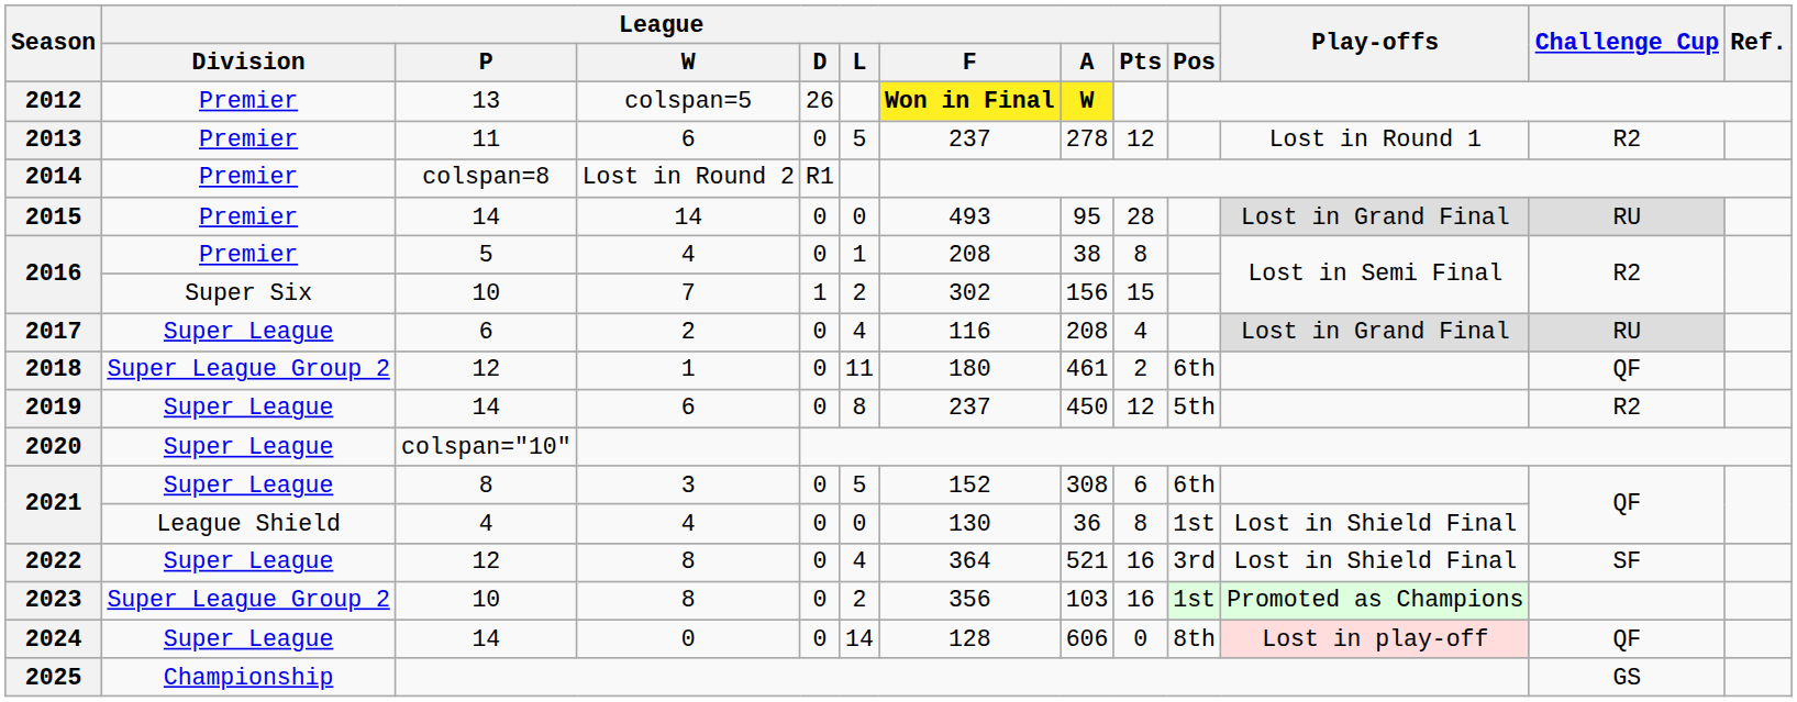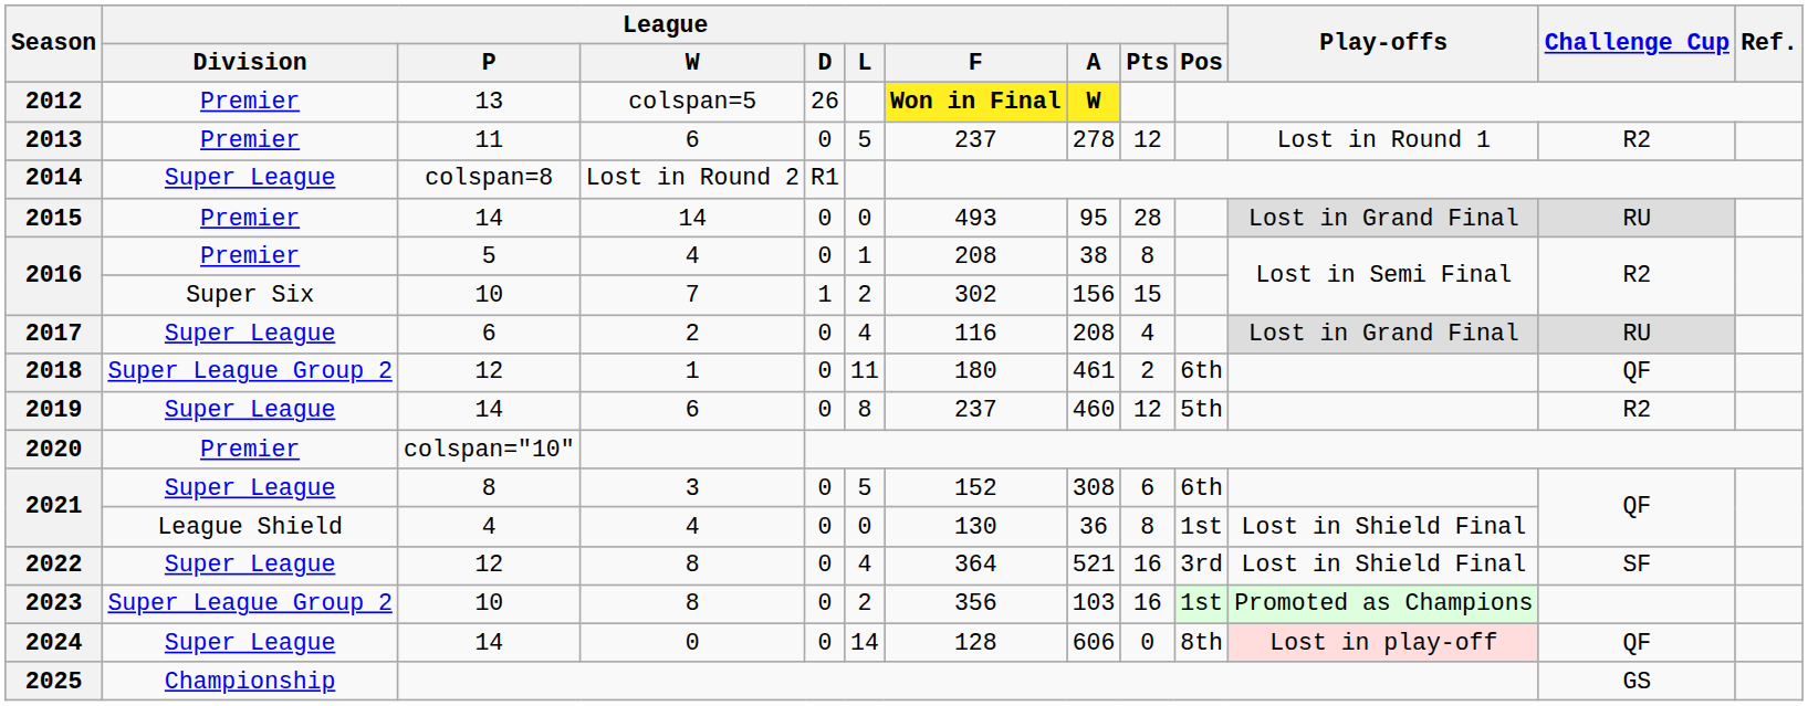 <table class="wikitable" style="text-align: center">
 <tr>
 <th rowspan="2" scope="col">Season</th>
 <th colspan="9" scope="col">League</th>
 <th rowspan="2" scope="col">Play-offs</th>
 <th rowspan="2" scope="col"><a href='#'>Challenge Cup</a></th>
 <th rowspan="2" scope="col">Ref.</th>
 </tr>
 <tr>
 <th scope="col">Division</th>
 <th scope="col">P</th>
 <th scope="col">W</th>
 <th scope="col">D</th>
 <th scope="col">L</th>
 <th scope="col">F</th>
 <th scope="col">A</th>
 <th scope="col">Pts</th>
 <th scope="col">Pos</th>
 </tr>
 <tr>
 <th scope="row">2012</th>
 <td><a href='#'>Premier</a></td>
 <td>13</td>
 <td>colspan=5</td>
 <td>26</td>
 <td></td>
 <td style="background-color:#FE2"><strong>Won in Final</strong></td>
 <td style="background-color:#FE2"><strong>W</strong></td>
 <td></td>
 </tr>
 <tr>
 <th scope="row">2013</th>
 <td><a href='#'>Premier</a></td>
 <td>11</td>
 <td>6</td>
 <td>0</td>
 <td>5</td>
 <td>237</td>
 <td>278</td>
 <td>12</td>
 <td></td>
 <td>Lost in Round 1</td>
 <td>R2</td>
 <td></td>
 </tr>
 <tr>
 <th scope="row">2014</th>
-<td><a href='#'>Premier</a></td>
+<td><a href='#'>Super League</a></td>
 <td>colspan=8</td>
 <td>Lost in Round 2</td>
 <td>R1</td>
 <td></td>
 </tr>
 <tr>
 <th scope="row">2015</th>
 <td><a href='#'>Premier</a></td>
 <td>14</td>
 <td>14</td>
 <td>0</td>
 <td>0</td>
 <td>493</td>
 <td>95</td>
 <td>28</td>
 <td></td>
 <td style="background-color:#DDD">Lost in Grand Final</td>
 <td style="background-color:#DDD">RU</td>
 <td></td>
 </tr>
 <tr>
 <th scope="row" rowspan=2>2016</th>
 <td><a href='#'>Premier</a></td>
 <td>5</td>
 <td>4</td>
 <td>0</td>
 <td>1</td>
 <td>208</td>
 <td>38</td>
 <td>8</td>
 <td></td>
 <td rowspan=2>Lost in Semi Final</td>
 <td rowspan=2>R2</td>
 <td rowspan=2></td>
 </tr>
 <tr>
 <td>Super Six</td>
 <td>10</td>
 <td>7</td>
 <td>1</td>
 <td>2</td>
 <td>302</td>
 <td>156</td>
 <td>15</td>
 <td></td>
 </tr>
 <tr>
 <th scope="row">2017</th>
 <td><a href='#'>Super League</a></td>
 <td>6</td>
 <td>2</td>
 <td>0</td>
 <td>4</td>
 <td>116</td>
 <td>208</td>
 <td>4</td>
 <td></td>
 <td style="background-color:#DDD">Lost in Grand Final</td>
 <td style="background-color:#DDD">RU</td>
 <td></td>
 </tr>
 <tr>
 <th scope="row">2018</th>
 <td><a href='#'>Super League Group 2</a></td>
 <td>12</td>
 <td>1</td>
 <td>0</td>
 <td>11</td>
 <td>180</td>
 <td>461</td>
 <td>2</td>
 <td>6th</td>
 <td></td>
 <td>QF</td>
 <td></td>
 </tr>
 <tr>
 <th scope="row">2019</th>
 <td><a href='#'>Super League</a></td>
 <td>14</td>
 <td>6</td>
 <td>0</td>
 <td>8</td>
 <td>237</td>
-<td>450</td>
+<td>460</td>
 <td>12</td>
 <td>5th</td>
 <td></td>
 <td>R2</td>
 <td></td>
 </tr>
 <tr>
 <th scope="row">2020</th>
-<td><a href='#'>Super League</a></td>
+<td><a href='#'>Premier</a></td>
 <td>colspan="10"</td>
 <td></td>
 </tr>
 <tr>
 <th scope="row" rowspan="2">2021</th>
 <td><a href='#'>Super League</a></td>
 <td>8</td>
 <td>3</td>
 <td>0</td>
 <td>5</td>
 <td>152</td>
 <td>308</td>
 <td>6</td>
 <td>6th</td>
 <td></td>
 <td rowspan="2">QF</td>
 <td rowspan="2"></td>
 </tr>
 <tr>
 <td>League Shield</td>
 <td>4</td>
 <td>4</td>
 <td>0</td>
 <td>0</td>
 <td>130</td>
 <td>36</td>
 <td>8</td>
 <td>1st</td>
 <td>Lost in Shield Final</td>
 </tr>
 <tr>
 <th scope="row">2022</th>
 <td><a href='#'>Super League</a></td>
 <td>12</td>
 <td>8</td>
 <td>0</td>
 <td>4</td>
 <td>364</td>
 <td>521</td>
 <td>16</td>
 <td>3rd</td>
 <td>Lost in Shield Final</td>
 <td>SF</td>
 <td></td>
 </tr>
 <tr>
 <th scope="row">2023</th>
 <td><a href='#'>Super League Group 2</a></td>
 <td>10</td>
 <td>8</td>
 <td>0</td>
 <td>2</td>
 <td>356</td>
 <td>103</td>
 <td>16</td>
 <td style="background:#ddffdd;">1st</td>
 <td style="background:#ddffdd;">Promoted as Champions</td>
 <td></td>
 <td></td>
 </tr>
 <tr>
 <th scope="row">2024</th>
 <td><a href='#'>Super League</a></td>
 <td>14</td>
 <td>0</td>
 <td>0</td>
 <td>14</td>
 <td>128</td>
 <td>606</td>
 <td>0</td>
 <td>8th</td>
 <td style="background:#ffdddd">Lost in play-off</td>
 <td>QF</td>
 <td></td>
 </tr>
 <tr>
 <th scope="row">2025</th>
 <td><a href='#'>Championship</a></td>
 <td colspan=9></td>
 <td>GS</td>
 <td></td>
 </tr>
 </table>
